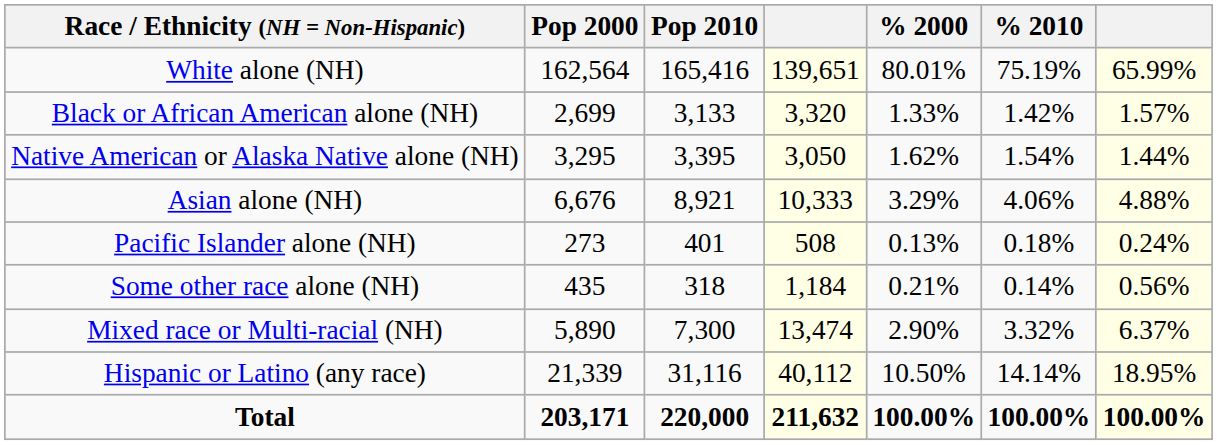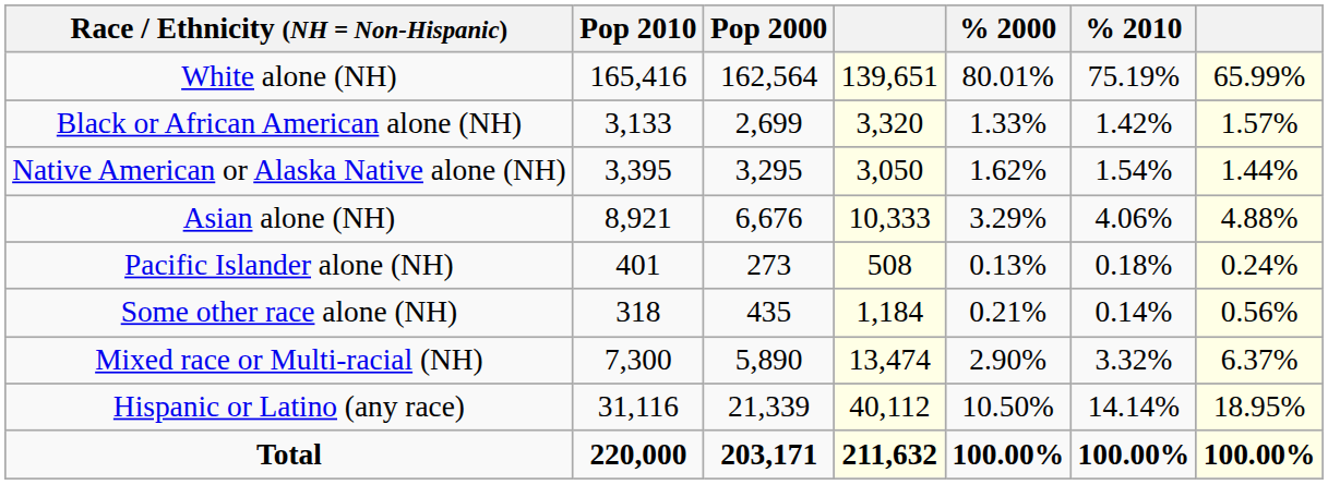 <table class="wikitable" style="text-align:center;">
 <tr>
 <th>Race / Ethnicity <small>(<em>NH = Non-Hispanic</em>)</small></th>
+<th>Pop 2010</th>
 <th>Pop 2000</th>
-<th>Pop 2010</th>
 <th></th>
 <th>% 2000</th>
 <th>% 2010</th>
 <th></th>
 </tr>
 <tr>
 <td><a href='#'>White</a> alone (NH)</td>
+<td>165,416</td>
 <td>162,564</td>
-<td>165,416</td>
 <td style='background: #ffffe6;'>139,651</td>
 <td>80.01%</td>
 <td>75.19%</td>
 <td style='background: #ffffe6;'>65.99%</td>
 </tr>
 <tr>
 <td><a href='#'>Black or African American</a> alone (NH)</td>
+<td>3,133</td>
 <td>2,699</td>
-<td>3,133</td>
 <td style='background: #ffffe6;'>3,320</td>
 <td>1.33%</td>
 <td>1.42%</td>
 <td style='background: #ffffe6;'>1.57%</td>
 </tr>
 <tr>
 <td><a href='#'>Native American</a> or <a href='#'>Alaska Native</a> alone (NH)</td>
+<td>3,395</td>
 <td>3,295</td>
-<td>3,395</td>
 <td style='background: #ffffe6;'>3,050</td>
 <td>1.62%</td>
 <td>1.54%</td>
 <td style='background: #ffffe6;'>1.44%</td>
 </tr>
 <tr>
 <td><a href='#'>Asian</a> alone (NH)</td>
+<td>8,921</td>
 <td>6,676</td>
-<td>8,921</td>
 <td style='background: #ffffe6;'>10,333</td>
 <td>3.29%</td>
 <td>4.06%</td>
 <td style='background: #ffffe6;'>4.88%</td>
 </tr>
 <tr>
 <td><a href='#'>Pacific Islander</a> alone (NH)</td>
+<td>401</td>
 <td>273</td>
-<td>401</td>
 <td style='background: #ffffe6;'>508</td>
 <td>0.13%</td>
 <td>0.18%</td>
 <td style='background: #ffffe6;'>0.24%</td>
 </tr>
 <tr>
 <td><a href='#'>Some other race</a> alone (NH)</td>
+<td>318</td>
 <td>435</td>
-<td>318</td>
 <td style='background: #ffffe6;'>1,184</td>
 <td>0.21%</td>
 <td>0.14%</td>
 <td style='background: #ffffe6;'>0.56%</td>
 </tr>
 <tr>
 <td><a href='#'>Mixed race or Multi-racial</a> (NH)</td>
+<td>7,300</td>
 <td>5,890</td>
-<td>7,300</td>
 <td style='background: #ffffe6;'>13,474</td>
 <td>2.90%</td>
 <td>3.32%</td>
 <td style='background: #ffffe6;'>6.37%</td>
 </tr>
 <tr>
 <td><a href='#'>Hispanic or Latino</a> (any race)</td>
+<td>31,116</td>
 <td>21,339</td>
-<td>31,116</td>
 <td style='background: #ffffe6;'>40,112</td>
 <td>10.50%</td>
 <td>14.14%</td>
 <td style='background: #ffffe6;'>18.95%</td>
 </tr>
 <tr>
 <td><strong>Total</strong></td>
+<td><strong>220,000</strong></td>
 <td><strong>203,171</strong></td>
-<td><strong>220,000</strong></td>
 <td style='background: #ffffe6;'><strong>211,632</strong></td>
 <td><strong>100.00%</strong></td>
 <td><strong>100.00%</strong></td>
 <td style='background: #ffffe6;'><strong>100.00%</strong></td>
 </tr>
 </table>
